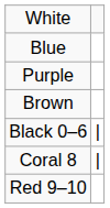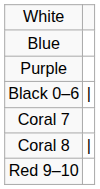 <table class="wikitable" style="float:right; text-align:center;">
 <tr>
 <td>White</td>
 <td style="brackground:white;"></td>
 </tr>
 <tr>
 <td>Blue</td>
 <td style="background:white;"></td>
 </tr>
 <tr>
 <td>Purple</td>
 <td style="background:white;"></td>
 </tr>
 <tr>
-<td>Brown</td>
-<td style="background:white;"></td>
+<td>Black 0–6</td>
+<td style="background:white;">|</td>
 </tr>
 <tr>
-<td>Black 0–6</td>
-<td style="background:white;">|</td>
+<td>Coral 7</td>
+<td style="background:white;"></td>
 </tr>
 <tr>
 <td>Coral 8</td>
 <td style="background:white;">|</td>
 </tr>
 <tr>
 <td>Red 9–10</td>
 <td style="background:white;"></td>
 </tr>
 </table>
